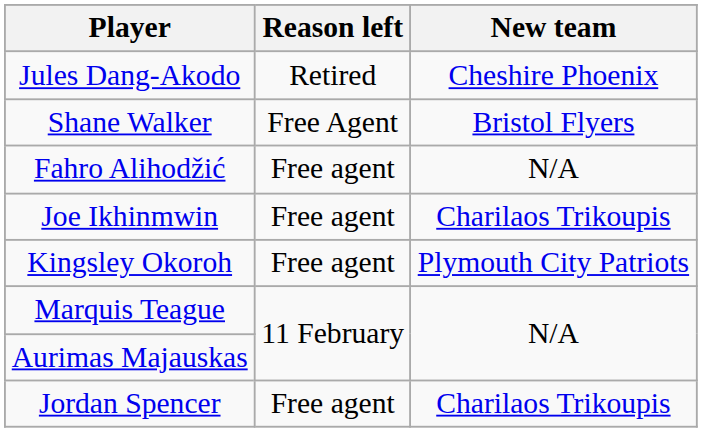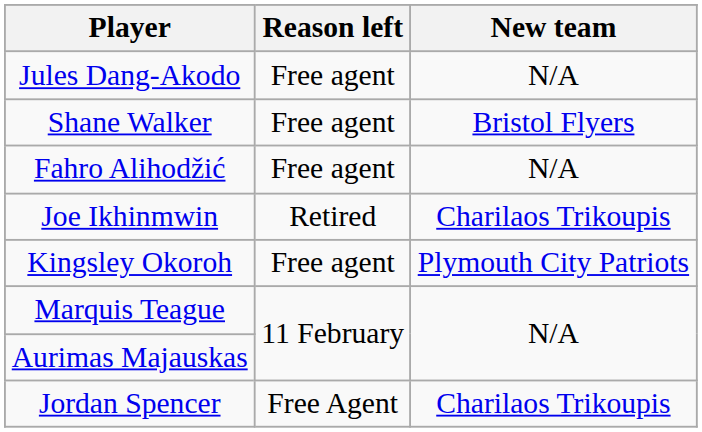 <table class="wikitable sortable sortable" style="text-align: center">
 <tr>
 <th>Player</th>
 <th>Reason left</th>
 <th>New team</th>
 </tr>
 <tr>
 <td><a href='#'>Jules Dang-Akodo</a></td>
-<td>Retired</td>
-<td><a href='#'>Cheshire Phoenix</a></td>
+<td>Free agent</td>
+<td>N/A</td>
 </tr>
 <tr>
 <td><a href='#'>Shane Walker</a></td>
-<td>Free Agent</td>
+<td>Free agent</td>
 <td><a href='#'>Bristol Flyers</a></td>
 </tr>
 <tr>
 <td><a href='#'>Fahro Alihodžić</a></td>
 <td>Free agent</td>
 <td>N/A</td>
 </tr>
 <tr>
 <td><a href='#'>Joe Ikhinmwin</a></td>
-<td>Free agent</td>
+<td>Retired</td>
 <td><a href='#'>Charilaos Trikoupis</a></td>
 </tr>
 <tr>
 <td><a href='#'>Kingsley Okoroh</a></td>
 <td>Free agent</td>
 <td><a href='#'>Plymouth City Patriots</a></td>
 </tr>
 <tr>
 <td><a href='#'>Marquis Teague</a></td>
 <td rowspan="2">11 February</td>
 <td rowspan="2">N/A</td>
 </tr>
 <tr>
 <td><a href='#'>Aurimas Majauskas</a></td>
 </tr>
 <tr>
 <td><a href='#'>Jordan Spencer</a></td>
-<td>Free agent</td>
+<td>Free Agent</td>
 <td><a href='#'>Charilaos Trikoupis</a></td>
 </tr>
 </table>
